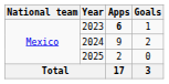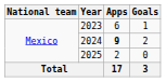 <table class="wikitable" style="text-align:center">
 <tr>
 <th>National team</th>
 <th>Year</th>
 <th>Apps</th>
 <th>Goals</th>
 </tr>
 <tr>
 <td rowspan="3"><a href='#'>Mexico</a></td>
 <td>2023</td>
-<td><strong>6</strong></td>
+<td>6</td>
 <td>1</td>
 </tr>
 <tr>
 <td>2024</td>
-<td>9</td>
+<td><strong>9</strong></td>
 <td>2</td>
 </tr>
 <tr>
 <td>2025</td>
 <td>2</td>
 <td>0</td>
 </tr>
 <tr>
 <th colspan="2">Total</th>
 <th>17</th>
 <th>3</th>
 </tr>
 </table>
